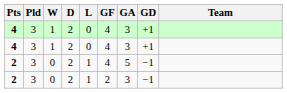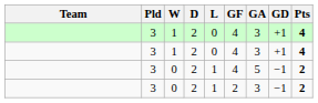 <table class="wikitable" style="text-align:center;">
 <tr>
-<th width=20>Pts</th>
+<th width=180>Team</th>
 <th width=20>Pld</th>
 <th width=20>W</th>
 <th width=20>D</th>
 <th width=20>L</th>
 <th width=20>GF</th>
 <th width=20>GA</th>
 <th width=20>GD</th>
-<th width=180>Team</th>
+<th width=20>Pts</th>
 </tr>
 <tr bgcolor="ccffcc">
-<td><strong>4</strong></td>
+<td align="left"></td>
 <td>3</td>
 <td>1</td>
 <td>2</td>
 <td>0</td>
 <td>4</td>
 <td>3</td>
 <td>+1</td>
-<td align="left"></td>
+<td><strong>4</strong></td>
 </tr>
 <tr>
-<td><strong>4</strong></td>
+<td align="left"></td>
 <td>3</td>
 <td>1</td>
 <td>2</td>
 <td>0</td>
 <td>4</td>
 <td>3</td>
 <td>+1</td>
-<td align="left"></td>
+<td><strong>4</strong></td>
 </tr>
 <tr>
-<td><strong>2</strong></td>
+<td align="left"></td>
 <td>3</td>
 <td>0</td>
 <td>2</td>
 <td>1</td>
 <td>4</td>
 <td>5</td>
 <td>−1</td>
-<td align="left"></td>
+<td><strong>2</strong></td>
 </tr>
 <tr>
-<td><strong>2</strong></td>
+<td align="left"></td>
 <td>3</td>
 <td>0</td>
 <td>2</td>
 <td>1</td>
 <td>2</td>
 <td>3</td>
 <td>−1</td>
-<td align="left"></td>
+<td><strong>2</strong></td>
 </tr>
 </table>
